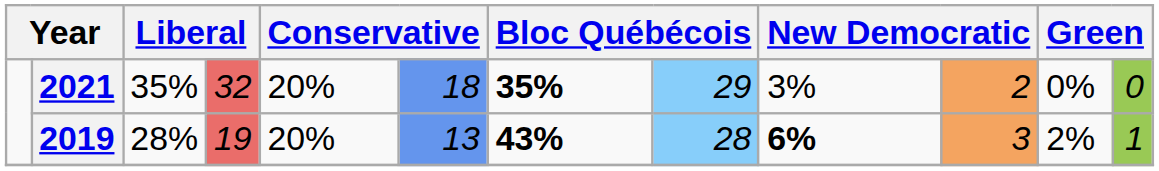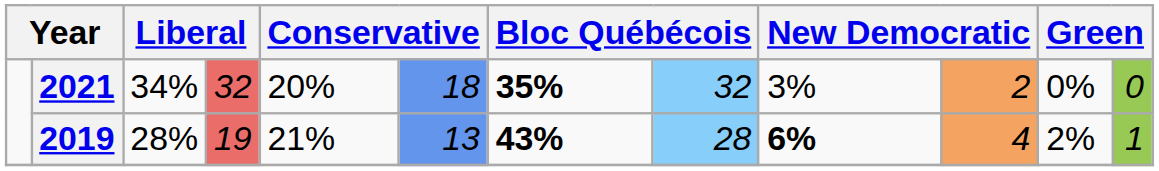 <table class="wikitable" style="width:400; font-size:90%; margin-left:1em;">
 <tr>
 <th colspan="2" scope="col">Year</th>
 <th colspan="2" scope="col"><a href='#'>Liberal</a></th>
 <th colspan="2" scope="col"><a href='#'>Conservative</a></th>
 <th colspan="2" scope="col"><a href='#'>Bloc Québécois</a></th>
 <th colspan="2" scope="col"><a href='#'>New Democratic</a></th>
 <th colspan="2" scope="col"><a href='#'>Green</a></th>
 </tr>
 <tr>
 <td rowspan="2" style="width: 0.25em; background-color: "></td>
 <th><a href='#'>2021</a></th>
-<td>35%</td>
+<td>34%</td>
 <td style="text-align:right; background:#EA6D6A;"><em>32</em></td>
 <td>20%</td>
 <td style="text-align:right; background:#6495ED;"><em>18</em></td>
 <td><strong>35%</strong></td>
-<td style="text-align:right; background:#87CEFA;"><em>29</em></td>
+<td style="text-align:right; background:#87CEFA;"><em>32</em></td>
 <td>3%</td>
 <td style="text-align:right; background:#F4A460;"><em>2</em></td>
 <td>0%</td>
 <td style="text-align:right; background:#99C955;"><em>0</em></td>
 </tr>
 <tr>
 <th><a href='#'>2019</a></th>
 <td>28%</td>
 <td style="text-align:right; background:#EA6D6A;"><em>19</em></td>
-<td>20%</td>
+<td>21%</td>
 <td style="text-align:right; background:#6495ED;"><em>13</em></td>
 <td><strong>43%</strong></td>
 <td style="text-align:right; background:#87CEFA;"><em>28</em></td>
 <td><strong>6%</strong></td>
-<td style="text-align:right; background:#F4A460;"><em>3</em></td>
+<td style="text-align:right; background:#F4A460;"><em>4</em></td>
 <td>2%</td>
 <td style="text-align:right; background:#99C955;"><em>1</em></td>
 </tr>
 <tr>
 </tr>
 </table>
